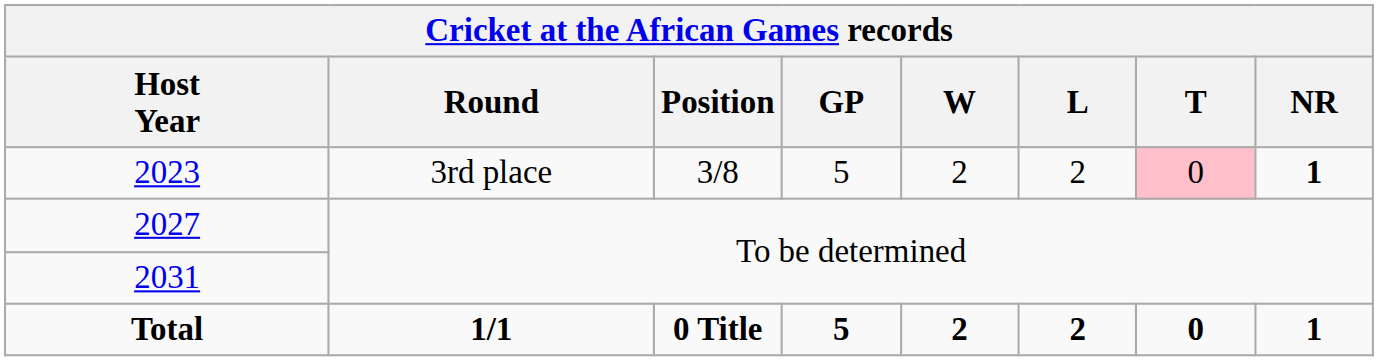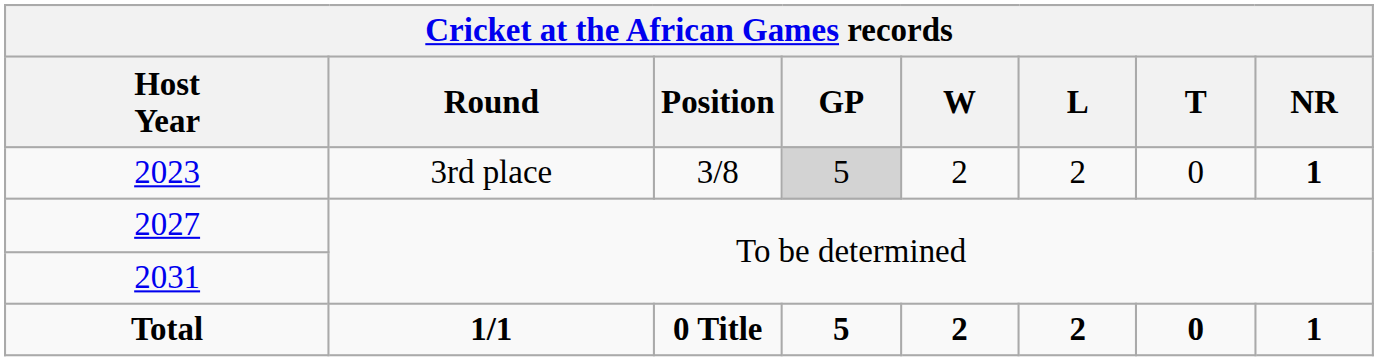 <table class="wikitable" style="text-align: center; width=900px;">
 <tr>
 <th colspan=9><a href='#'>Cricket at the African Games</a> records</th>
 </tr>
 <tr>
 <th width=150>Host<br>Year</th>
 <th width=150>Round</th>
 <th width=50>Position</th>
 <th width=50>GP</th>
 <th width=50>W</th>
 <th width=50>L</th>
 <th width=50>T</th>
 <th width=50>NR</th>
 </tr>
 <tr>
 <td> <a href='#'>2023</a></td>
 <td>3rd place</td>
 <td>3/8</td>
-<td>5</td>
+<td style="background: lightgrey;">5</td>
 <td>2</td>
 <td>2</td>
-<td style="background: pink;">0</td>
+<td>0</td>
 <td><strong>1</strong></td>
 </tr>
 <tr>
 <td> <a href='#'>2027</a></td>
 <td colspan=8 rowspan=2>To be determined</td>
 </tr>
 <tr>
 <td> <a href='#'>2031</a></td>
 </tr>
 <tr>
 <td><strong>Total</strong></td>
 <td><strong>1/1</strong></td>
 <td><strong>0 Title</strong></td>
 <td><strong>5</strong></td>
 <td><strong>2</strong></td>
 <td><strong>2</strong></td>
 <td><strong>0</strong></td>
 <td><strong>1</strong></td>
 </tr>
 </table>
